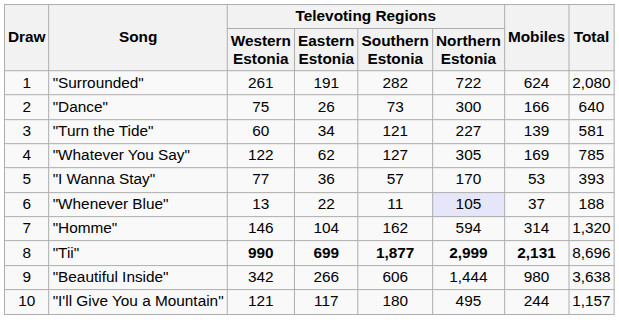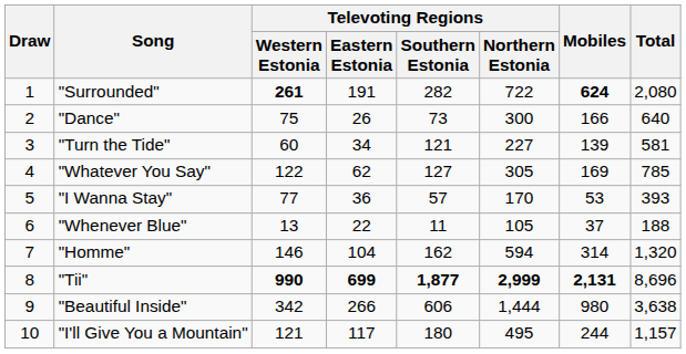 <table class="wikitable collapsible" style="margin: 1em auto 1em auto; text-align:center;">
 <tr>
 <th rowspan="2">Draw</th>
 <th rowspan="2">Song</th>
 <th colspan="4">Televoting Regions</th>
 <th rowspan="2">Mobiles</th>
 <th rowspan="2">Total</th>
 </tr>
 <tr>
 <th>Western<br>Estonia</th>
 <th>Eastern<br>Estonia</th>
 <th>Southern<br>Estonia</th>
 <th>Northern<br>Estonia</th>
 </tr>
 <tr>
 <td>1</td>
 <td align="left">"Surrounded"</td>
-<td>261</td>
+<td><strong>261</strong></td>
 <td>191</td>
 <td>282</td>
 <td>722</td>
-<td>624</td>
+<td><strong>624</strong></td>
 <td>2,080</td>
 </tr>
 <tr>
 <td>2</td>
 <td align="left">"Dance"</td>
 <td>75</td>
 <td>26</td>
 <td>73</td>
 <td>300</td>
 <td>166</td>
 <td>640</td>
 </tr>
 <tr>
 <td>3</td>
 <td align="left">"Turn the Tide"</td>
 <td>60</td>
 <td>34</td>
 <td>121</td>
 <td>227</td>
 <td>139</td>
 <td>581</td>
 </tr>
 <tr>
 <td>4</td>
 <td align="left">"Whatever You Say"</td>
 <td>122</td>
 <td>62</td>
 <td>127</td>
 <td>305</td>
 <td>169</td>
 <td>785</td>
 </tr>
 <tr>
 <td>5</td>
 <td align="left">"I Wanna Stay"</td>
 <td>77</td>
 <td>36</td>
 <td>57</td>
 <td>170</td>
 <td>53</td>
 <td>393</td>
 </tr>
 <tr>
 <td>6</td>
 <td align="left">"Whenever Blue"</td>
 <td>13</td>
 <td>22</td>
 <td>11</td>
-<td style="background: lavender;">105</td>
+<td>105</td>
 <td>37</td>
 <td>188</td>
 </tr>
 <tr>
 <td>7</td>
 <td align="left">"Homme"</td>
 <td>146</td>
 <td>104</td>
 <td>162</td>
 <td>594</td>
 <td>314</td>
 <td>1,320</td>
 </tr>
 <tr>
 <td>8</td>
 <td align="left">"Tii"</td>
 <td><strong>990</strong></td>
 <td><strong>699</strong></td>
 <td><strong>1,877</strong></td>
 <td><strong>2,999</strong></td>
 <td><strong>2,131</strong></td>
 <td>8,696</td>
 </tr>
 <tr>
 <td>9</td>
 <td align="left">"Beautiful Inside"</td>
 <td>342</td>
 <td>266</td>
 <td>606</td>
 <td>1,444</td>
 <td>980</td>
 <td>3,638</td>
 </tr>
 <tr>
 <td>10</td>
 <td align="left">"I'll Give You a Mountain"</td>
 <td>121</td>
 <td>117</td>
 <td>180</td>
 <td>495</td>
 <td>244</td>
 <td>1,157</td>
 </tr>
 </table>
